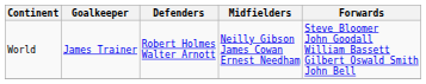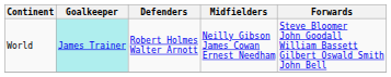 <table class="wikitable">
 <tr>
 <th>Continent</th>
 <th>Goalkeeper</th>
 <th>Defenders</th>
 <th>Midfielders</th>
 <th>Forwards</th>
 </tr>
 <tr>
 <td>World</td>
-<td> <a href='#'>James Trainer</a></td>
+<td style="background: paleturquoise;"> <a href='#'>James Trainer</a></td>
 <td> <a href='#'>Robert Holmes</a><br> <a href='#'>Walter Arnott</a></td>
 <td> <a href='#'>Neilly Gibson</a><br> <a href='#'>James Cowan</a><br> <a href='#'>Ernest Needham</a></td>
 <td> <a href='#'>Steve Bloomer</a><br> <a href='#'>John Goodall</a> <br> <a href='#'>William Bassett</a><br> <a href='#'>Gilbert Oswald Smith</a><br> <a href='#'>John Bell</a></td>
 </tr>
 <tr>
 </tr>
 </table>
